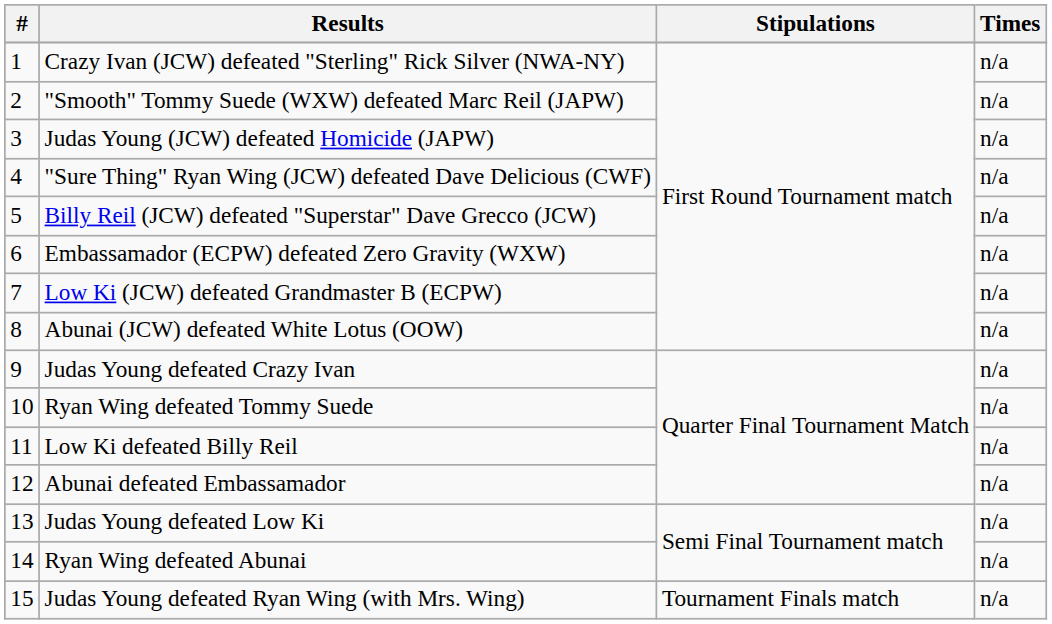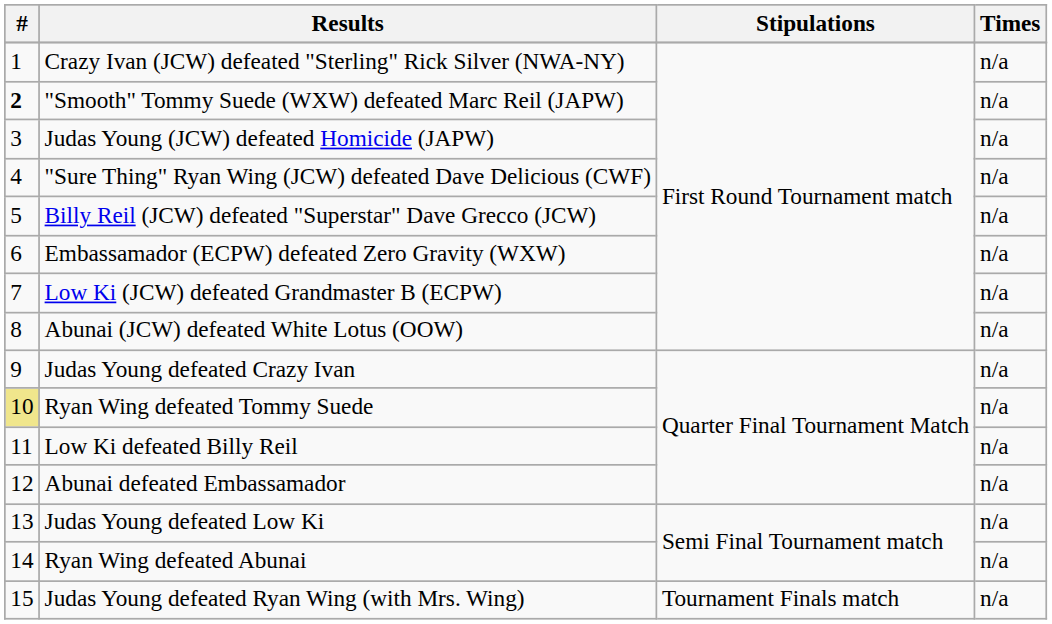 <table style="font-size: 85%; text-align: left;" class="wikitable sortable">
 <tr>
 <th><strong>#</strong></th>
 <th><strong>Results</strong></th>
 <th><strong>Stipulations</strong></th>
 <th><strong>Times</strong></th>
 </tr>
 <tr>
 </tr>
 <tr>
 <td>1</td>
 <td>Crazy Ivan (JCW) defeated "Sterling" Rick Silver (NWA-NY)</td>
 <td rowspan="8">First Round Tournament match</td>
 <td>n/a</td>
 </tr>
 <tr>
-<td>2</td>
+<td><strong>2</strong></td>
 <td>"Smooth" Tommy Suede (WXW) defeated Marc Reil (JAPW)</td>
 <td>n/a</td>
 </tr>
 <tr>
 <td>3</td>
 <td>Judas Young (JCW) defeated <a href='#'>Homicide</a> (JAPW)</td>
 <td>n/a</td>
 </tr>
 <tr>
 <td>4</td>
 <td>"Sure Thing" Ryan Wing (JCW) defeated Dave Delicious (CWF)</td>
 <td>n/a</td>
 </tr>
 <tr>
 <td>5</td>
 <td><a href='#'>Billy Reil</a> (JCW) defeated "Superstar" Dave Grecco (JCW)</td>
 <td>n/a</td>
 </tr>
 <tr>
 <td>6</td>
 <td>Embassamador (ECPW) defeated Zero Gravity (WXW)</td>
 <td>n/a</td>
 </tr>
 <tr>
 <td>7</td>
 <td><a href='#'>Low Ki</a> (JCW) defeated Grandmaster B (ECPW)</td>
 <td>n/a</td>
 </tr>
 <tr>
 <td>8</td>
 <td>Abunai (JCW) defeated White Lotus (OOW)</td>
 <td>n/a</td>
 </tr>
 <tr>
 <td>9</td>
 <td>Judas Young defeated Crazy Ivan</td>
 <td rowspan="4">Quarter Final Tournament Match</td>
 <td>n/a</td>
 </tr>
 <tr>
-<td>10</td>
+<td style="background: khaki;">10</td>
 <td>Ryan Wing defeated Tommy Suede</td>
 <td>n/a</td>
 </tr>
 <tr>
 <td>11</td>
 <td>Low Ki defeated Billy Reil</td>
 <td>n/a</td>
 </tr>
 <tr>
 <td>12</td>
 <td>Abunai defeated Embassamador</td>
 <td>n/a</td>
 </tr>
 <tr>
 <td>13</td>
 <td>Judas Young defeated Low Ki</td>
 <td rowspan="2">Semi Final Tournament match</td>
 <td>n/a</td>
 </tr>
 <tr>
 <td>14</td>
 <td>Ryan Wing defeated Abunai</td>
 <td>n/a</td>
 </tr>
 <tr>
 <td>15</td>
 <td>Judas Young defeated Ryan Wing (with Mrs. Wing)</td>
 <td>Tournament Finals match</td>
 <td>n/a</td>
 </tr>
 </table>
